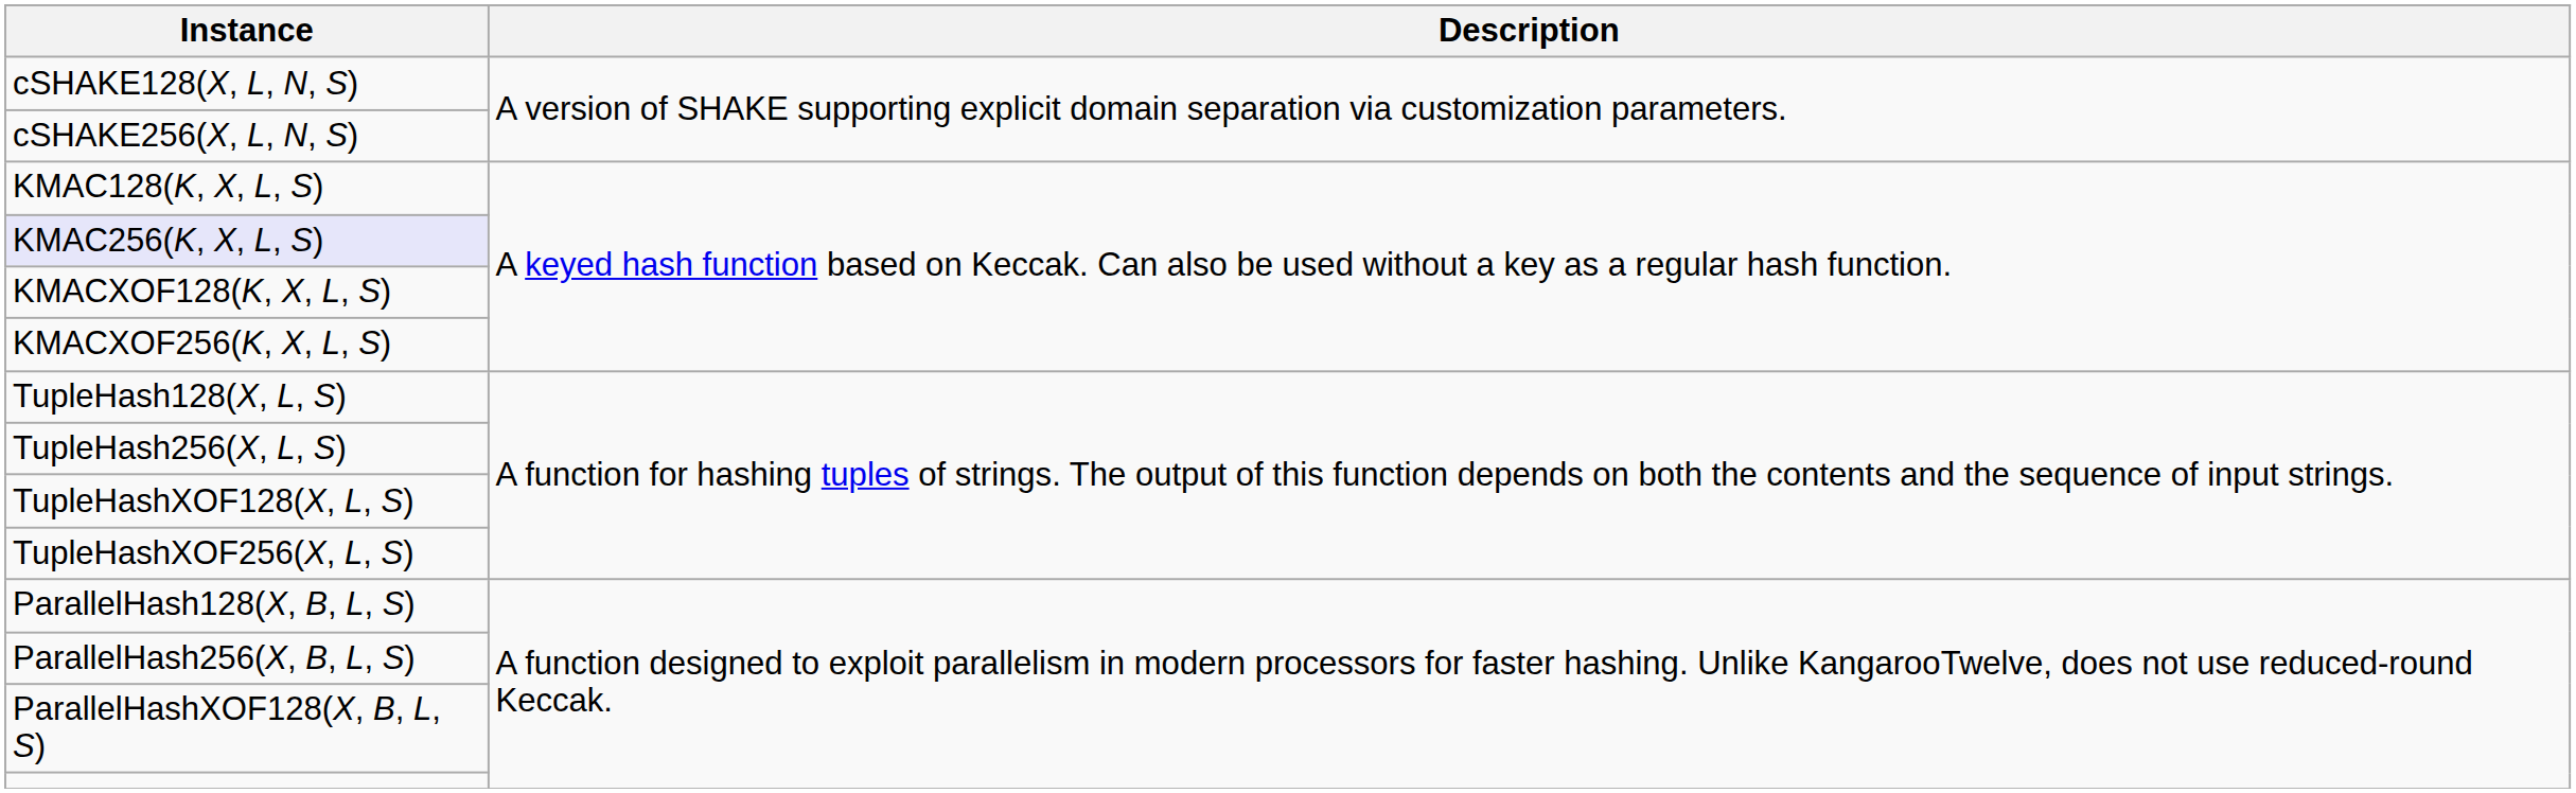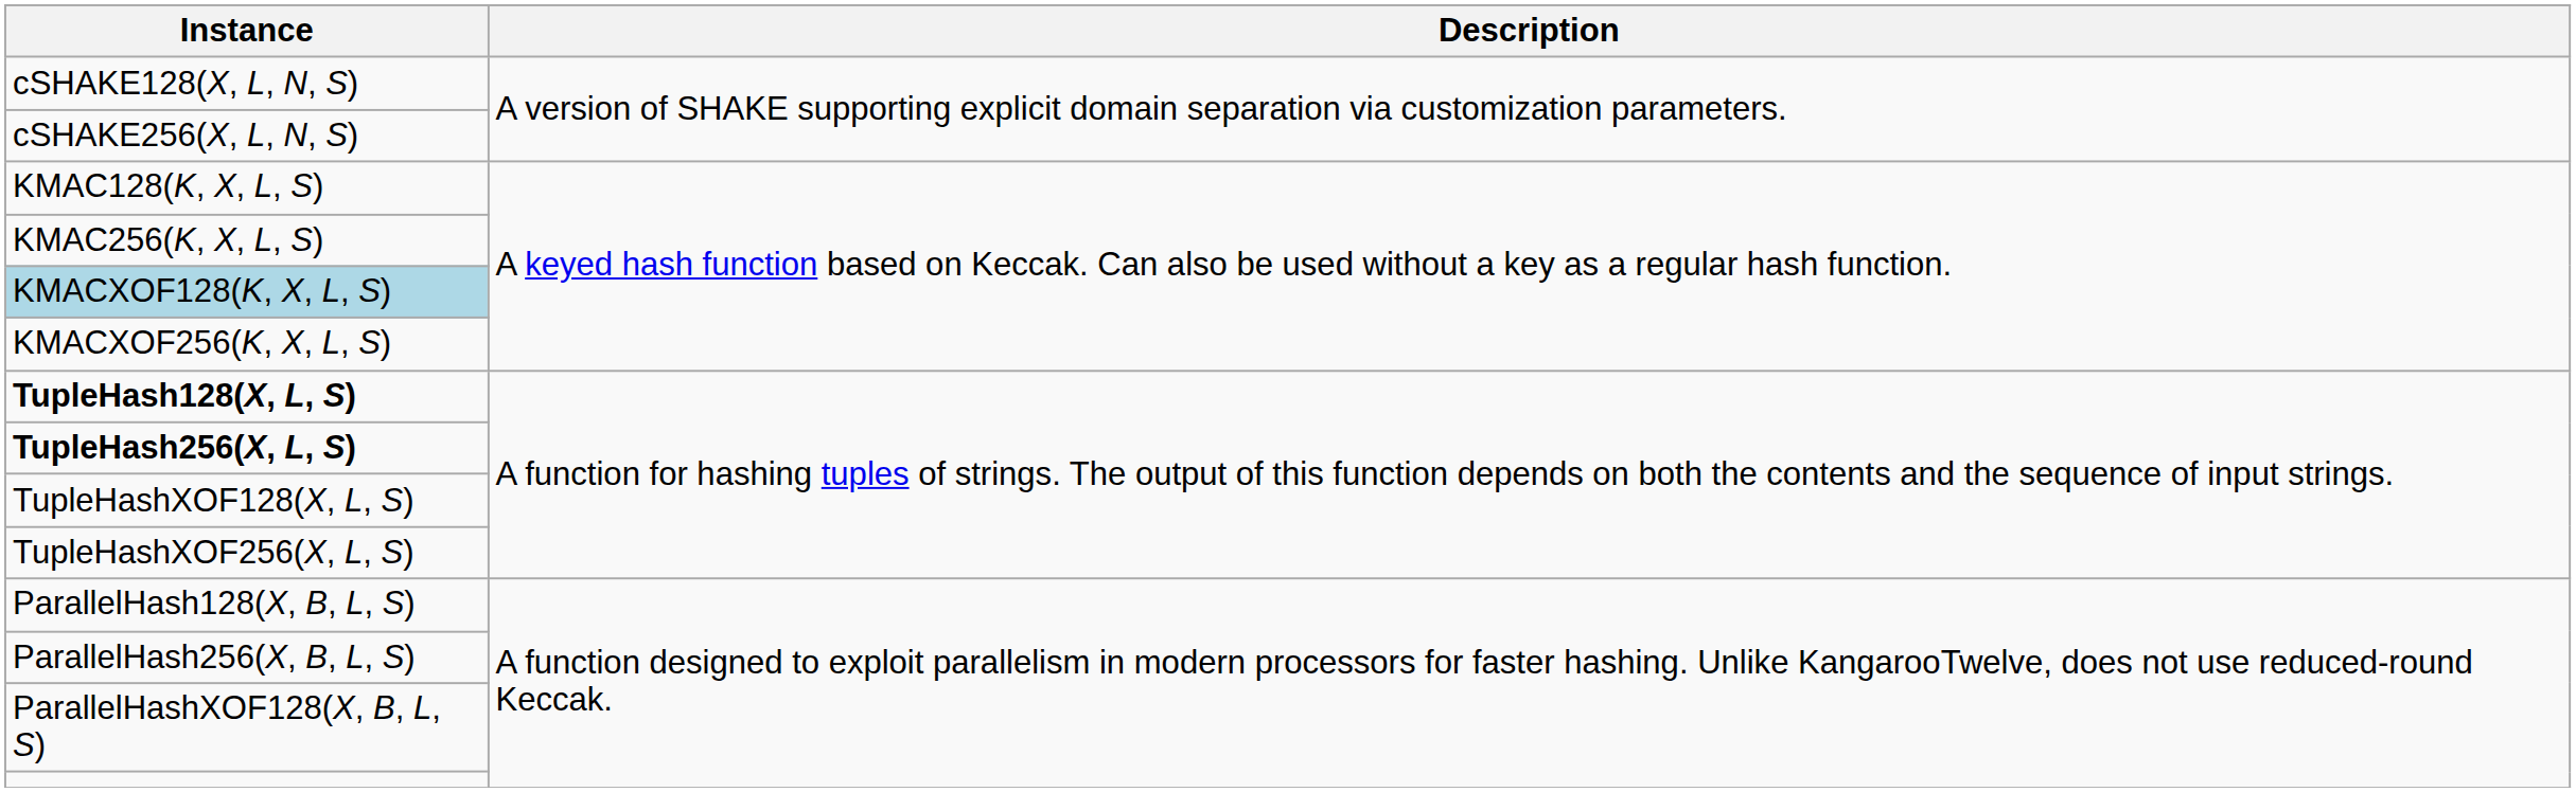 <table class="wikitable">
 <tr>
 <th>Instance</th>
 <th>Description</th>
 </tr>
 <tr>
 <td>cSHAKE128(<em>X</em>, <em>L</em>, <em>N</em>, <em>S</em>)</td>
 <td rowspan="2">A version of SHAKE supporting explicit domain separation via customization parameters.</td>
 </tr>
 <tr>
 <td>cSHAKE256(<em>X</em>, <em>L</em>, <em>N</em>, <em>S</em>)</td>
 </tr>
 <tr>
 <td>KMAC128(<em>K</em>, <em>X</em>, <em>L</em>, <em>S</em>)</td>
 <td rowspan="4">A <a href='#'>keyed hash function</a> based on Keccak. Can also be used without a key as a regular hash function.</td>
 </tr>
 <tr>
-<td style="background: lavender;">KMAC256(<em>K</em>, <em>X</em>, <em>L</em>, <em>S</em>)</td>
+<td>KMAC256(<em>K</em>, <em>X</em>, <em>L</em>, <em>S</em>)</td>
 </tr>
 <tr>
-<td>KMACXOF128(<em>K</em>, <em>X</em>, <em>L</em>, <em>S</em>)</td>
+<td style="background: lightblue;">KMACXOF128(<em>K</em>, <em>X</em>, <em>L</em>, <em>S</em>)</td>
 </tr>
 <tr>
 <td>KMACXOF256(<em>K</em>, <em>X</em>, <em>L</em>, <em>S</em>)</td>
 </tr>
 <tr>
-<td>TupleHash128(<em>X</em>, <em>L</em>, <em>S</em>)</td>
+<td><strong>TupleHash128(<em>X</em>, <em>L</em>, <em>S</em>)</strong></td>
 <td rowspan="4">A function for hashing <a href='#'>tuples</a> of strings. The output of this function depends on both the contents and the sequence of input strings.</td>
 </tr>
 <tr>
-<td>TupleHash256(<em>X</em>, <em>L</em>, <em>S</em>)</td>
+<td><strong>TupleHash256(<em>X</em>, <em>L</em>, <em>S</em>)</strong></td>
 </tr>
 <tr>
 <td>TupleHashXOF128(<em>X</em>, <em>L</em>, <em>S</em>)</td>
 </tr>
 <tr>
 <td>TupleHashXOF256(<em>X</em>, <em>L</em>, <em>S</em>)</td>
 </tr>
 <tr>
 <td>ParallelHash128(<em>X</em>, <em>B</em>, <em>L</em>, <em>S</em>)</td>
 <td rowspan="4">A function designed to exploit parallelism in modern processors for faster hashing. Unlike KangarooTwelve, does not use reduced-round Keccak.</td>
 </tr>
 <tr>
 <td>ParallelHash256(<em>X</em>, <em>B</em>, <em>L</em>, <em>S</em>)</td>
 </tr>
 <tr>
 <td>ParallelHashXOF128(<em>X</em>, <em>B</em>, <em>L</em>, <em>S</em>)</td>
 </tr>
 <tr>
 <td></td>
 </tr>
 </table>
